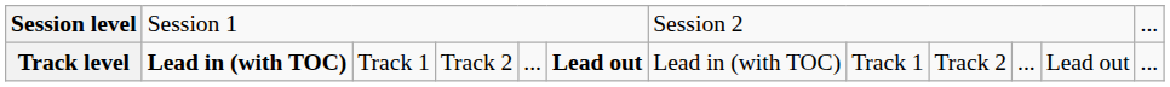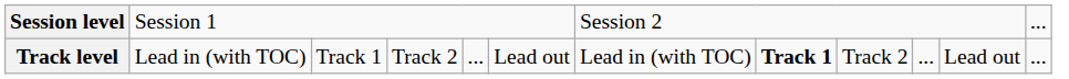 <table class="wikitable">
 <tr>
 <th>Session level</th>
 <td colspan = 5>Session 1</td>
 <td colspan = 5>Session 2</td>
 <td>...</td>
 </tr>
 <tr>
 <th>Track level</th>
-<td><strong>Lead in (with TOC)</strong></td>
+<td>Lead in (with TOC)</td>
 <td>Track 1</td>
 <td>Track 2</td>
 <td>...</td>
-<td><strong>Lead out</strong></td>
+<td>Lead out</td>
 <td>Lead in (with TOC)</td>
-<td>Track 1</td>
+<td><strong>Track 1</strong></td>
 <td>Track 2</td>
 <td>...</td>
 <td>Lead out</td>
 <td>...</td>
 </tr>
 </table>
